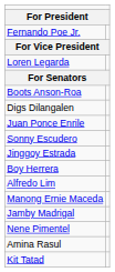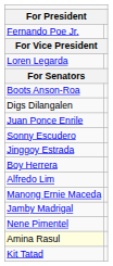 <table class=wikitable style="font-size:90%">
 <tr>
 <td colspan=4 bgcolor=></td>
 </tr>
 <tr>
 <th colspan=5>For President</th>
 </tr>
 <tr>
 <td><a href='#'>Fernando Poe Jr.</a></td>
 <td></td>
 </tr>
 <tr>
 <th colspan=5>For Vice President</th>
 </tr>
 <tr>
 <td><a href='#'>Loren Legarda</a></td>
 <td></td>
 </tr>
 <tr>
 <th colspan=5>For Senators</th>
 </tr>
 <tr>
 <td><a href='#'>Boots Anson-Roa</a></td>
 <td></td>
 </tr>
 <tr>
 <td>Digs Dilangalen</td>
 <td></td>
 </tr>
 <tr>
 <td><a href='#'>Juan Ponce Enrile</a></td>
 <td></td>
 </tr>
 <tr>
 <td><a href='#'>Sonny Escudero</a></td>
 <td></td>
 </tr>
 <tr>
 <td><a href='#'>Jinggoy Estrada</a></td>
 <td></td>
 </tr>
 <tr>
 <td><a href='#'>Boy Herrera</a></td>
 <td></td>
 </tr>
 <tr>
 <td><a href='#'>Alfredo Lim</a></td>
 <td></td>
 </tr>
 <tr>
 <td><a href='#'>Manong Ernie Maceda</a></td>
 <td></td>
 </tr>
 <tr>
 <td><a href='#'>Jamby Madrigal</a></td>
 <td></td>
 </tr>
 <tr>
 <td><a href='#'>Nene Pimentel</a></td>
 <td></td>
 </tr>
 <tr>
-<td>Amina Rasul</td>
+<td style="background: lightyellow;">Amina Rasul</td>
 <td></td>
 </tr>
 <tr>
 <td><a href='#'>Kit Tatad</a></td>
 <td></td>
 </tr>
 </table>
